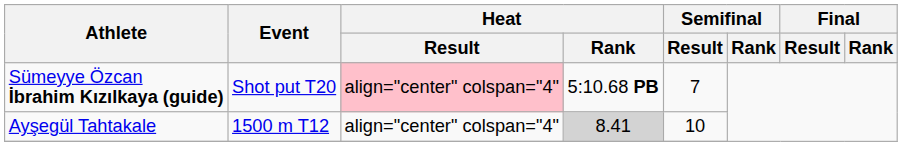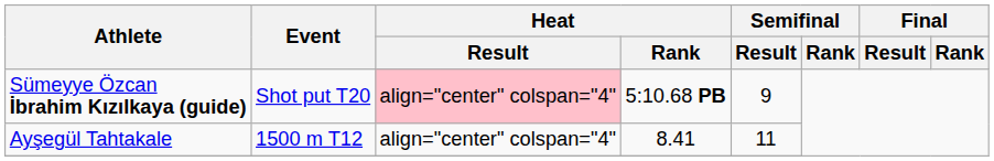 <table class="wikitable">
 <tr>
 <th rowspan="2">Athlete</th>
 <th rowspan="2">Event</th>
 <th colspan="2">Heat</th>
 <th colspan="2">Semifinal</th>
 <th colspan="2">Final</th>
 </tr>
 <tr>
 <th>Result</th>
 <th>Rank</th>
 <th>Result</th>
 <th>Rank</th>
 <th>Result</th>
 <th>Rank</th>
 </tr>
 <tr>
 <td><a href='#'>Sümeyye Özcan</a><br><strong>İbrahim Kızılkaya (guide)</strong></td>
 <td><a href='#'>Shot put T20</a></td>
 <td style="background: pink;">align="center" colspan="4" </td>
 <td align="center">5:10.68 <strong>PB</strong></td>
-<td align="center">7</td>
+<td align="center">9</td>
 </tr>
 <tr>
 <td><a href='#'>Ayşegül Tahtakale</a></td>
 <td><a href='#'>1500 m T12</a></td>
 <td>align="center" colspan="4" </td>
-<td align="center" style="background: lightgrey;">8.41</td>
-<td align="center">10</td>
+<td align="center">8.41</td>
+<td align="center">11</td>
 </tr>
 <tr>
 </tr>
 </table>
